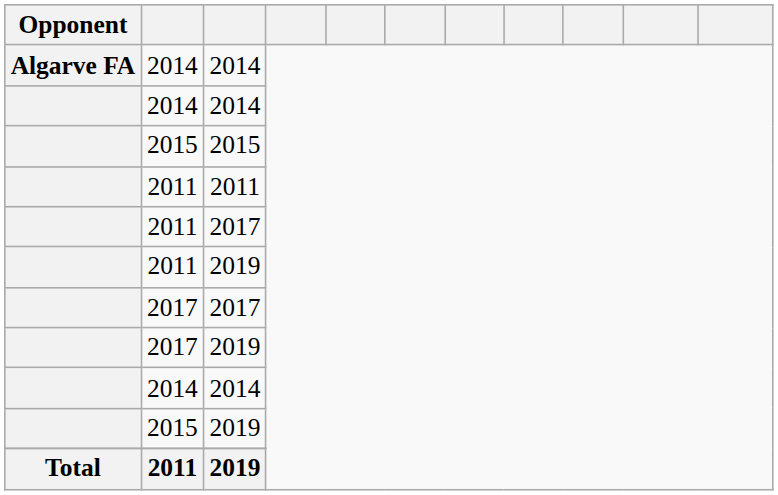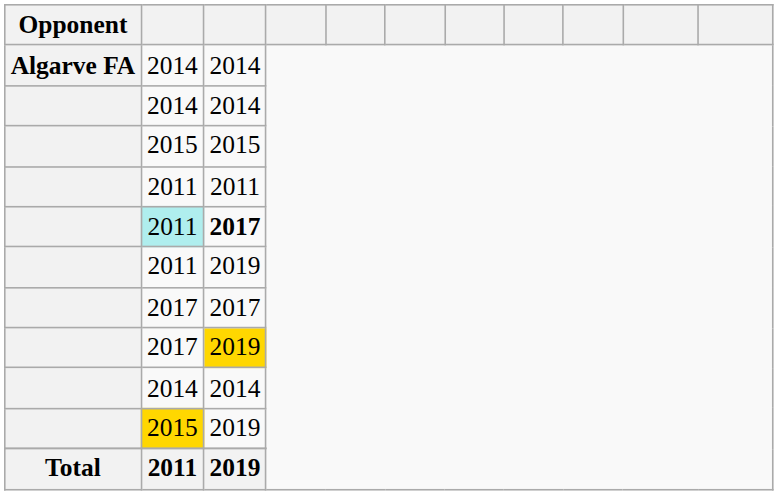 <table class="wikitable sortable plainrowheaders" style="text-align: center; font-size: 100%;">
 <tr>
 <th scope="col">Opponent</th>
 <th scope="col" width="30"></th>
 <th scope="col" width="30"></th>
 <th scope="col" width="30"></th>
 <th scope="col" width="30"></th>
 <th scope="col" width="30"></th>
 <th scope="col" width="30"></th>
 <th scope="col" width="30"></th>
 <th scope="col" width="30"></th>
 <th scope=col width="40"></th>
 <th scope=col width="40"></th>
 </tr>
 <tr>
 <th scope="row"> Algarve FA<br></th>
 <td>2014</td>
 <td>2014</td>
 </tr>
 <tr>
 <th scope="row"><br></th>
 <td>2014</td>
 <td>2014</td>
 </tr>
 <tr>
 <th scope="row"><br></th>
 <td>2015</td>
 <td>2015</td>
 </tr>
 <tr>
 <th scope="row"><br></th>
 <td>2011</td>
 <td>2011</td>
 </tr>
 <tr>
 <th scope="row"><br></th>
-<td>2011</td>
-<td>2017</td>
+<td style="background: paleturquoise;">2011</td>
+<td><strong>2017</strong></td>
 </tr>
 <tr>
 <th scope="row"><br></th>
 <td>2011</td>
 <td>2019</td>
 </tr>
 <tr>
 <th scope="row"><br></th>
 <td>2017</td>
 <td>2017</td>
 </tr>
 <tr>
 <th scope="row"><br></th>
 <td>2017</td>
-<td>2019</td>
+<td style="background: gold;">2019</td>
 </tr>
 <tr>
 <th scope="row"><br></th>
 <td>2014</td>
 <td>2014</td>
 </tr>
 <tr>
 <th scope="row"><br></th>
-<td>2015</td>
+<td style="background: gold;">2015</td>
 <td>2019</td>
 </tr>
 <tr>
 </tr>
 <tr class="sortbottom">
 <th scope="row"><strong>Total</strong><br></th>
 <th>2011</th>
 <th>2019</th>
 </tr>
 </table>
